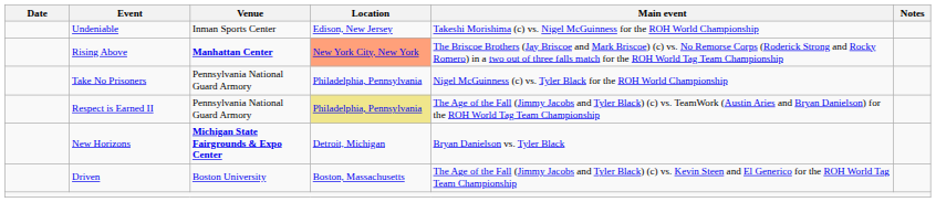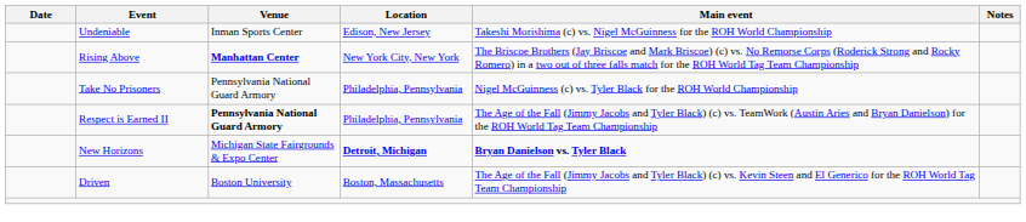 <table class="sortable wikitable succession-box" style="font-size:85%;">
 <tr>
 <th width=7%>Date</th>
 <th width="13%">Event</th>
 <th width=13%>Venue</th>
 <th width=13%>Location</th>
 <th width=50%>Main event</th>
 <th width=13%>Notes</th>
 </tr>
 <tr>
 <td></td>
 <td><a href='#'>Undeniable</a></td>
 <td>Inman Sports Center</td>
 <td><a href='#'>Edison, New Jersey</a></td>
 <td><a href='#'>Takeshi Morishima</a> (c) vs. <a href='#'>Nigel McGuinness</a> for the <a href='#'>ROH World Championship</a></td>
 <td></td>
 </tr>
 <tr>
 <td></td>
 <td><a href='#'>Rising Above</a></td>
 <td><strong><a href='#'>Manhattan Center</a></strong></td>
-<td style="background: lightsalmon;"><a href='#'>New York City, New York</a></td>
+<td><a href='#'>New York City, New York</a></td>
 <td><a href='#'>The Briscoe Brothers</a> (<a href='#'>Jay Briscoe</a> and <a href='#'>Mark Briscoe</a>) (c) vs. <a href='#'>No Remorse Corps</a> (<a href='#'>Roderick Strong</a> and <a href='#'>Rocky Romero</a>) in a <a href='#'>two out of three falls match</a> for the <a href='#'>ROH World Tag Team Championship</a></td>
 <td></td>
 </tr>
 <tr>
 <td></td>
 <td><a href='#'>Take No Prisoners</a></td>
 <td>Pennsylvania National Guard Armory</td>
 <td><a href='#'>Philadelphia, Pennsylvania</a></td>
 <td><a href='#'>Nigel McGuinness</a> (c) vs. <a href='#'>Tyler Black</a>  for the <a href='#'>ROH World Championship</a></td>
 <td></td>
 </tr>
 <tr>
 <td></td>
 <td><a href='#'>Respect is Earned II</a></td>
-<td>Pennsylvania National Guard Armory</td>
-<td style="background: khaki;"><a href='#'>Philadelphia, Pennsylvania</a></td>
+<td><strong>Pennsylvania National Guard Armory</strong></td>
+<td><a href='#'>Philadelphia, Pennsylvania</a></td>
 <td><a href='#'>The Age of the Fall</a> (<a href='#'>Jimmy Jacobs</a> and <a href='#'>Tyler Black</a>) (c) vs. TeamWork (<a href='#'>Austin Aries</a> and <a href='#'>Bryan Danielson</a>) for the <a href='#'>ROH World Tag Team Championship</a></td>
 <td></td>
 </tr>
 <tr>
 <td></td>
 <td><a href='#'>New Horizons</a></td>
-<td><strong><a href='#'>Michigan State Fairgrounds & Expo Center</a></strong></td>
-<td><a href='#'>Detroit, Michigan</a></td>
-<td><a href='#'>Bryan Danielson</a> vs. <a href='#'>Tyler Black</a></td>
+<td><a href='#'>Michigan State Fairgrounds & Expo Center</a></td>
+<td><strong><a href='#'>Detroit, Michigan</a></strong></td>
+<td><strong><a href='#'>Bryan Danielson</a> vs. <a href='#'>Tyler Black</a></strong></td>
 <td></td>
 </tr>
 <tr>
 <td></td>
 <td><a href='#'>Driven</a></td>
 <td><a href='#'>Boston University</a></td>
 <td><a href='#'>Boston, Massachusetts</a></td>
 <td><a href='#'>The Age of the Fall</a> (<a href='#'>Jimmy Jacobs</a> and <a href='#'>Tyler Black</a>) (c) vs. <a href='#'>Kevin Steen</a> and <a href='#'>El Generico</a> for the <a href='#'>ROH World Tag Team Championship</a></td>
 <td></td>
 </tr>
 <tr>
 <td colspan="7"></td>
 </tr>
 </table>
